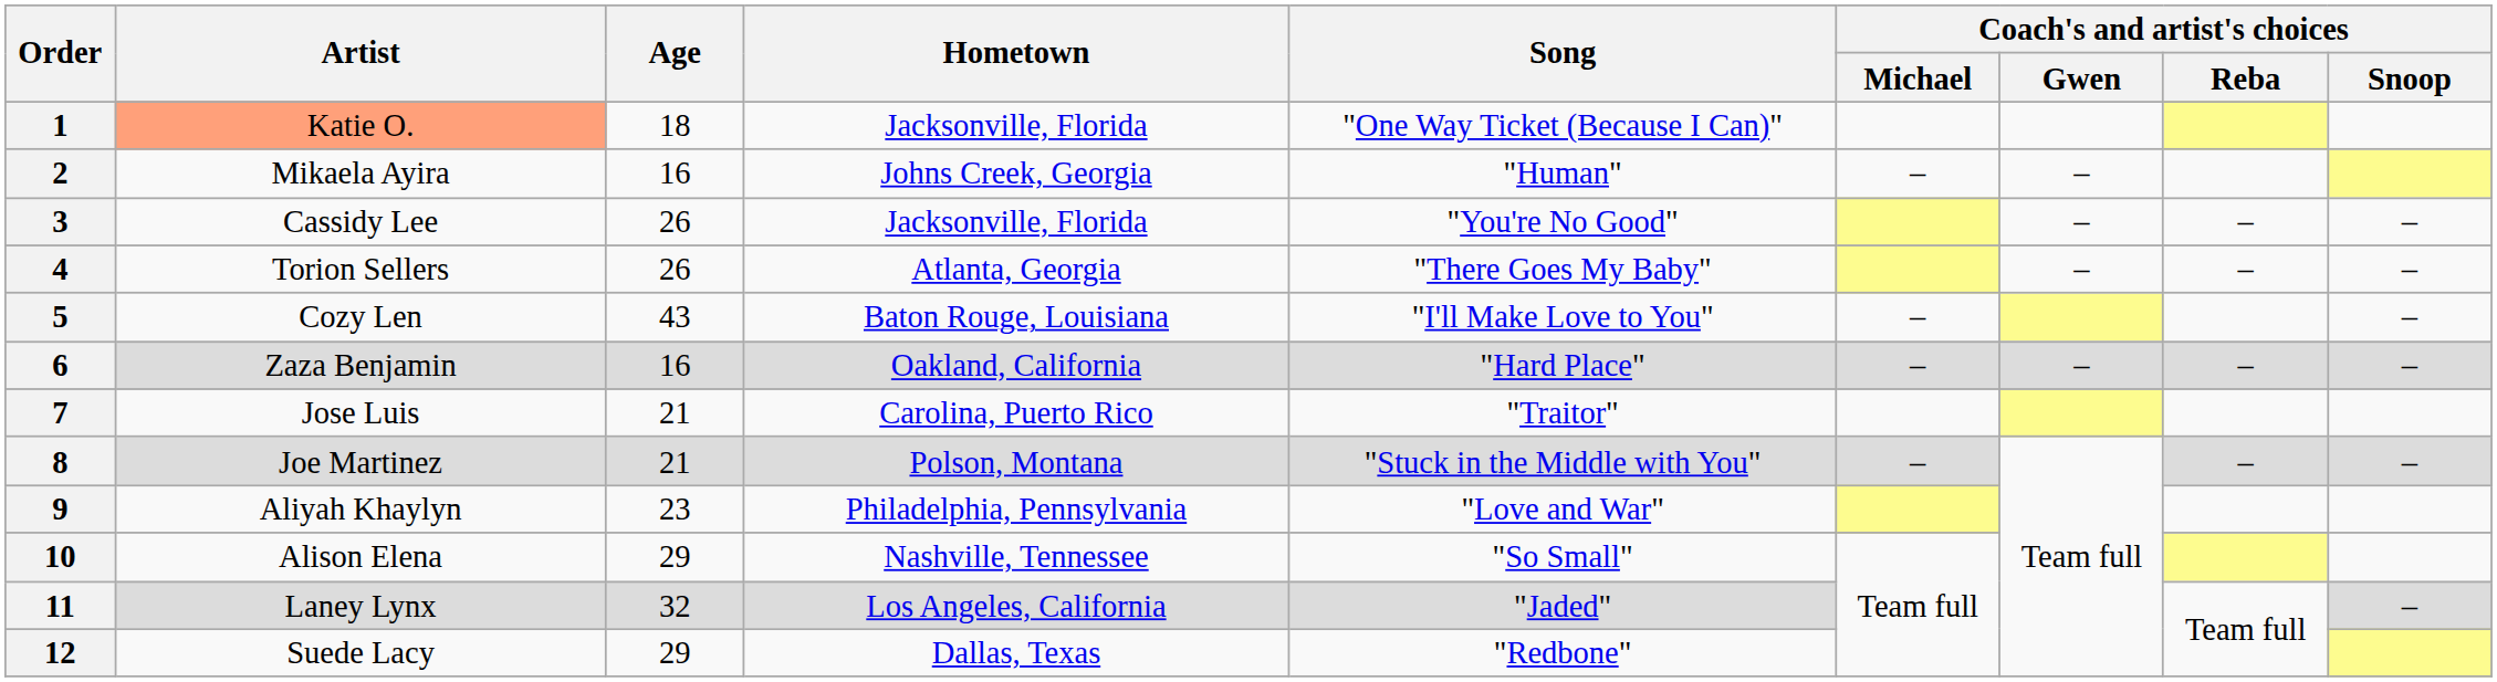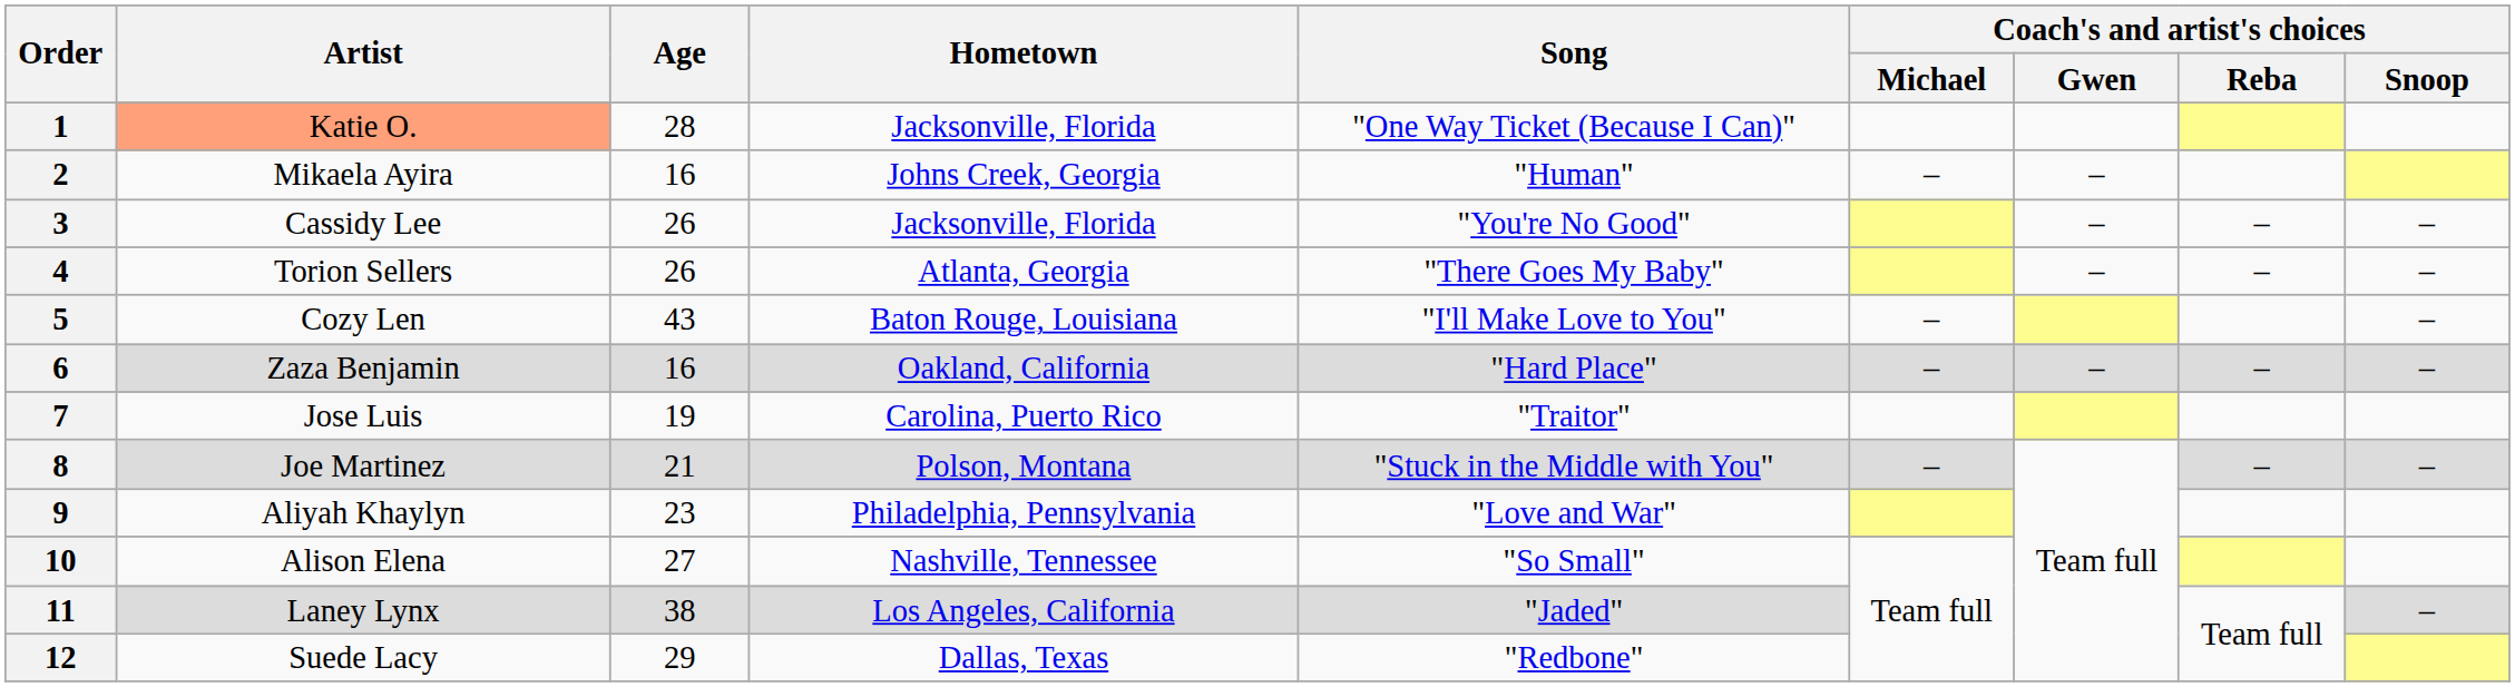 <table class="wikitable" style="text-align:center; line-height:17px; width:100%">
 <tr>
 <th scope="col" rowspan="2" style="width:04%">Order</th>
 <th scope="col" rowspan="2" style="width:18%">Artist</th>
 <th scope="col" rowspan="2" style="width:05%">Age</th>
 <th scope="col" rowspan="2" style="width:20%">Hometown</th>
 <th scope="col" rowspan="2" style="width:20%">Song</th>
 <th scope="col" colspan="4" style="width:24%">Coach's and artist's choices</th>
 </tr>
 <tr>
 <th style="width:06%">Michael</th>
 <th style="width:06%">Gwen</th>
 <th style="width:06%">Reba</th>
 <th style="width:06%">Snoop</th>
 </tr>
 <tr>
 <th>1</th>
 <td style="background: lightsalmon;">Katie O.</td>
-<td>18</td>
+<td>28</td>
 <td><a href='#'>Jacksonville, Florida</a></td>
 <td>"<a href='#'>One Way Ticket (Because I Can)</a>"</td>
 <td><em></em></td>
 <td><em></em></td>
 <td style="background:#fdfc8f"><em></em></td>
 <td><em></em></td>
 </tr>
 <tr>
 <th>2</th>
 <td>Mikaela Ayira</td>
 <td>16</td>
 <td><a href='#'>Johns Creek, Georgia</a></td>
 <td>"<a href='#'>Human</a>"</td>
 <td>–</td>
 <td>–</td>
 <td><em></em></td>
 <td style="background:#fdfc8f"><em></em></td>
 </tr>
 <tr>
 <th>3</th>
 <td>Cassidy Lee</td>
 <td>26</td>
 <td><a href='#'>Jacksonville, Florida</a></td>
 <td>"<a href='#'>You're No Good</a>"</td>
 <td style="background:#fdfc8f"><em></em></td>
 <td>–</td>
 <td>–</td>
 <td>–</td>
 </tr>
 <tr>
 <th>4</th>
 <td>Torion Sellers</td>
 <td>26</td>
 <td><a href='#'>Atlanta, Georgia</a></td>
 <td>"<a href='#'>There Goes My Baby</a>"</td>
 <td style="background:#fdfc8f"><em></em></td>
 <td>–</td>
 <td>–</td>
 <td>–</td>
 </tr>
 <tr>
 <th>5</th>
 <td>Cozy Len</td>
 <td>43</td>
 <td><a href='#'>Baton Rouge, Louisiana</a></td>
 <td>"<a href='#'>I'll Make Love to You</a>"</td>
 <td>–</td>
 <td style="background:#fdfc8f"><em></em></td>
 <td><em></em></td>
 <td>–</td>
 </tr>
 <tr bgcolor=#DCDCDC>
 <th>6</th>
 <td>Zaza Benjamin</td>
 <td>16</td>
 <td><a href='#'>Oakland, California</a></td>
 <td>"<a href='#'>Hard Place</a>"</td>
 <td>–</td>
 <td>–</td>
 <td>–</td>
 <td>–</td>
 </tr>
 <tr>
 <th>7</th>
 <td>Jose Luis</td>
-<td>21</td>
+<td>19</td>
 <td><a href='#'>Carolina, Puerto Rico</a></td>
 <td>"<a href='#'>Traitor</a>"</td>
 <td><em></em></td>
 <td style="background:#fdfc8f"><em></em></td>
 <td><em></em></td>
 <td><em></em></td>
 </tr>
 <tr>
 <th>8</th>
 <td bgcolor=#DCDCDC>Joe Martinez</td>
 <td bgcolor=#DCDCDC>21</td>
 <td bgcolor=#DCDCDC><a href='#'>Polson, Montana</a></td>
 <td bgcolor=#DCDCDC>"<a href='#'>Stuck in the Middle with You</a>"</td>
 <td bgcolor=#DCDCDC>–</td>
 <td rowspan="5">Team full</td>
 <td bgcolor=#DCDCDC>–</td>
 <td bgcolor=#DCDCDC>–</td>
 </tr>
 <tr>
 <th>9</th>
 <td>Aliyah Khaylyn</td>
 <td>23</td>
 <td><a href='#'>Philadelphia, Pennsylvania</a></td>
 <td>"<a href='#'>Love and War</a>"</td>
 <td style="background:#fdfc8f"><em></em></td>
 <td><em></em></td>
 <td><em></em></td>
 </tr>
 <tr>
 <th>10</th>
 <td>Alison Elena</td>
-<td>29</td>
+<td>27</td>
 <td><a href='#'>Nashville, Tennessee</a></td>
 <td>"<a href='#'>So Small</a>"</td>
 <td rowspan="3">Team full</td>
 <td style="background:#fdfc8f"><em></em></td>
 <td><em></em></td>
 </tr>
 <tr>
 <th>11</th>
 <td bgcolor=#DCDCDC>Laney Lynx</td>
-<td bgcolor=#DCDCDC>32</td>
+<td bgcolor=#DCDCDC>38</td>
 <td bgcolor=#DCDCDC><a href='#'>Los Angeles, California</a></td>
 <td bgcolor=#DCDCDC>"<a href='#'>Jaded</a>"</td>
 <td rowspan="2">Team full</td>
 <td bgcolor=#DCDCDC>–</td>
 </tr>
 <tr>
 <th>12</th>
 <td>Suede Lacy</td>
 <td>29</td>
 <td><a href='#'>Dallas, Texas</a></td>
 <td>"<a href='#'>Redbone</a>"</td>
 <td style="background:#fdfc8f"><em></em></td>
 </tr>
 </table>
